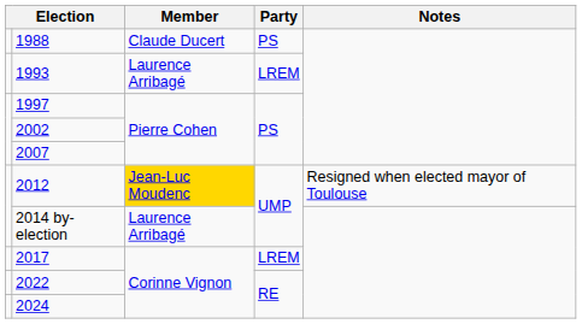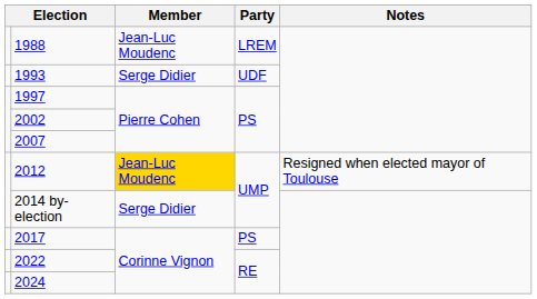 <table class="wikitable">
 <tr>
 <th colspan="2">Election</th>
 <th>Member</th>
 <th>Party</th>
 <th>Notes</th>
 </tr>
 <tr>
 <td style="color:inherit;background-color:"></td>
 <td><a href='#'>1988</a></td>
-<td><a href='#'>Claude Ducert</a></td>
-<td><a href='#'>PS</a></td>
+<td><a href='#'>Jean-Luc Moudenc</a></td>
+<td><a href='#'>LREM</a></td>
 </tr>
 <tr>
 <td style="color:inherit;background-color:"></td>
 <td><a href='#'>1993</a></td>
-<td><a href='#'>Laurence Arribagé</a></td>
-<td><a href='#'>LREM</a></td>
+<td><a href='#'>Serge Didier</a></td>
+<td><a href='#'>UDF</a></td>
 </tr>
 <tr>
 <td rowspan="3" style="color:inherit;background-color:"></td>
 <td><a href='#'>1997</a></td>
 <td rowspan="3"><a href='#'>Pierre Cohen</a></td>
 <td rowspan="3"><a href='#'>PS</a></td>
 </tr>
 <tr>
 <td><a href='#'>2002</a></td>
 </tr>
 <tr>
 <td><a href='#'>2007</a></td>
 </tr>
 <tr>
 <td rowspan="2" style="color:inherit;background-color:"></td>
 <td><a href='#'>2012</a></td>
 <td style="background: gold;"><a href='#'>Jean-Luc Moudenc</a></td>
 <td rowspan="2"><a href='#'>UMP</a></td>
 <td>Resigned when elected mayor of <a href='#'>Toulouse</a></td>
 </tr>
 <tr>
 <td>2014 by-election</td>
-<td><a href='#'>Laurence Arribagé</a></td>
+<td><a href='#'>Serge Didier</a></td>
 </tr>
 <tr>
 <td style="color:inherit;background-color: "></td>
 <td><a href='#'>2017</a></td>
 <td rowspan="3"><a href='#'>Corinne Vignon</a></td>
-<td><a href='#'>LREM</a></td>
+<td><a href='#'>PS</a></td>
 </tr>
 <tr>
 <td style="color:inherit;background-color: "></td>
 <td><a href='#'>2022</a></td>
 <td rowspan="2"><a href='#'>RE</a></td>
 </tr>
 <tr>
 <td style="color:inherit;background-color: "></td>
 <td><a href='#'>2024</a></td>
 </tr>
 </table>
